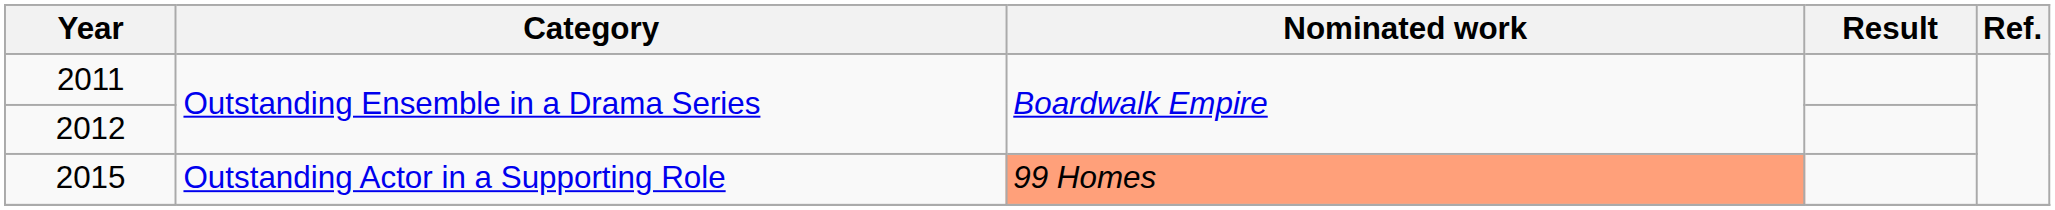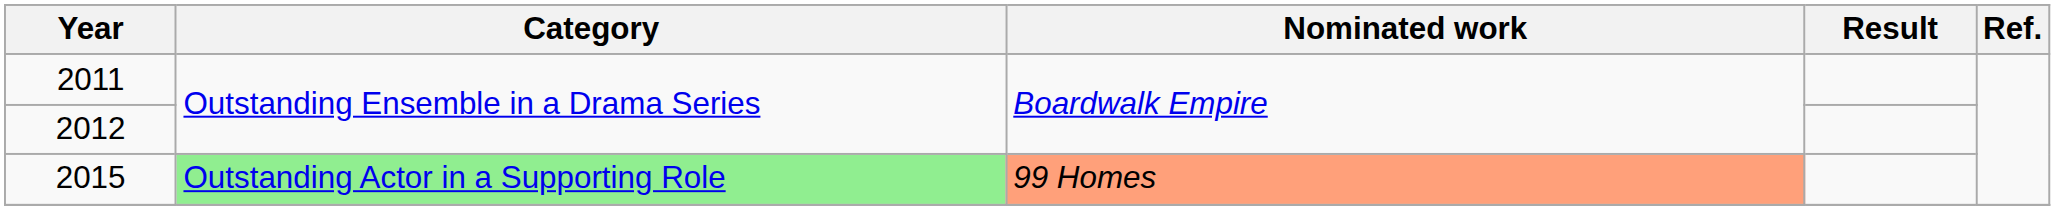 <table class=wikitable>
 <tr>
 <th scope="col" style="width:5em;">Year</th>
 <th scope="col" style="width:26em;">Category</th>
 <th scope="col" style="width:25em;">Nominated work</th>
 <th scope="col" style="width:5em;">Result</th>
 <th>Ref.</th>
 </tr>
 <tr>
 <td style="text-align:center;">2011</td>
 <td rowspan=2><a href='#'>Outstanding Ensemble in a Drama Series</a></td>
 <td rowspan=2><em><a href='#'>Boardwalk Empire</a></em></td>
 <td></td>
 <td rowspan=3></td>
 </tr>
 <tr>
 <td style="text-align:center;">2012</td>
 <td></td>
 </tr>
 <tr>
 <td style="text-align:center;">2015</td>
-<td><a href='#'>Outstanding Actor in a Supporting Role</a></td>
+<td style="background: lightgreen;"><a href='#'>Outstanding Actor in a Supporting Role</a></td>
 <td style="background: lightsalmon;"><em>99 Homes</em></td>
 <td></td>
 </tr>
 <tr>
 </tr>
 </table>
